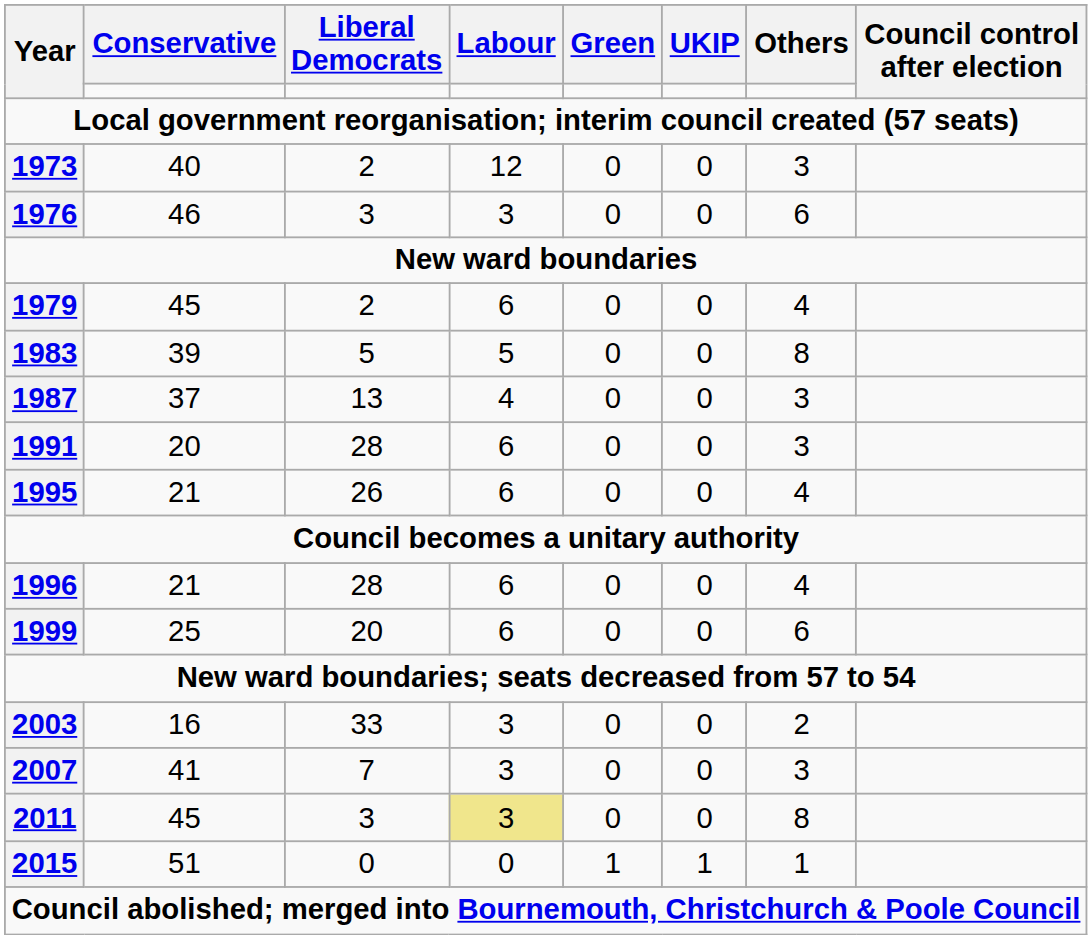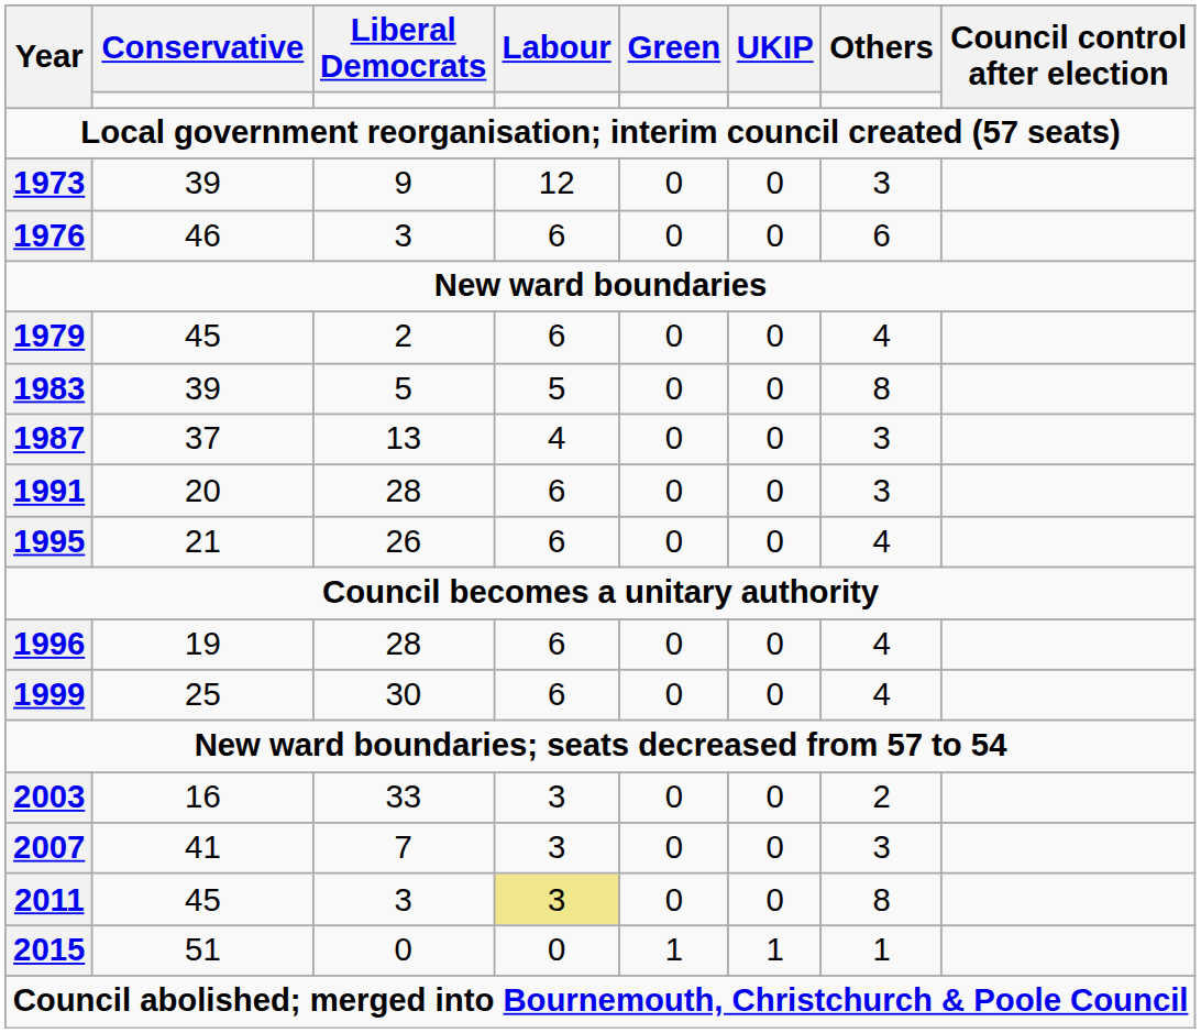 <table class="wikitable plainrowheaders" style="text-align:center">
 <tr>
 <th scope="col" rowspan="2">Year</th>
 <th scope="col"><a href='#'>Conservative</a></th>
 <th scope="col" style="width:1px"><a href='#'>Liberal Democrats</a></th>
 <th scope="col"><a href='#'>Labour</a></th>
 <th scope="col"><a href='#'>Green</a></th>
 <th scope="col"><a href='#'>UKIP</a></th>
 <th scope="col">Others</th>
 <th scope="col" rowspan="2" colspan="2">Council control<br>after election</th>
 </tr>
 <tr>
 <td style="background:"></td>
 <td style="background:"></td>
 <td style="background:"></td>
 <td style="background:"></td>
 <td style="background:"></td>
 <td style="background:"></td>
 </tr>
 <tr>
 <td colspan="9"><strong>Local government reorganisation; interim council created (57 seats)</strong></td>
 </tr>
 <tr>
 <th scope="row"><a href='#'>1973</a></th>
-<td>40</td>
-<td>2</td>
+<td>39</td>
+<td>9</td>
 <td>12</td>
 <td>0</td>
 <td>0</td>
 <td>3</td>
 <td></td>
 </tr>
 <tr>
 <th scope="row"><a href='#'>1976</a></th>
 <td>46</td>
 <td>3</td>
-<td>3</td>
+<td>6</td>
 <td>0</td>
 <td>0</td>
 <td>6</td>
 <td></td>
 </tr>
 <tr>
 <td colspan="9"><strong>New ward boundaries</strong></td>
 </tr>
 <tr>
 <th scope="row"><a href='#'>1979</a></th>
 <td>45</td>
 <td>2</td>
 <td>6</td>
 <td>0</td>
 <td>0</td>
 <td>4</td>
 <td></td>
 </tr>
 <tr>
 <th scope="row"><a href='#'>1983</a></th>
 <td>39</td>
 <td>5</td>
 <td>5</td>
 <td>0</td>
 <td>0</td>
 <td>8</td>
 <td></td>
 </tr>
 <tr>
 <th scope="row"><a href='#'>1987</a></th>
 <td>37</td>
 <td>13</td>
 <td>4</td>
 <td>0</td>
 <td>0</td>
 <td>3</td>
 <td></td>
 </tr>
 <tr>
 <th scope="row"><a href='#'>1991</a></th>
 <td>20</td>
 <td>28</td>
 <td>6</td>
 <td>0</td>
 <td>0</td>
 <td>3</td>
 <td></td>
 </tr>
 <tr>
 <th scope="row"><a href='#'>1995</a></th>
 <td>21</td>
 <td>26</td>
 <td>6</td>
 <td>0</td>
 <td>0</td>
 <td>4</td>
 <td></td>
 </tr>
 <tr>
 <td colspan="9"><strong>Council becomes a unitary authority</strong></td>
 </tr>
 <tr>
 <th scope="row"><a href='#'>1996</a></th>
-<td>21</td>
+<td>19</td>
 <td>28</td>
 <td>6</td>
 <td>0</td>
 <td>0</td>
 <td>4</td>
 <td></td>
 </tr>
 <tr>
 <th scope="row"><a href='#'>1999</a></th>
 <td>25</td>
-<td>20</td>
+<td>30</td>
 <td>6</td>
 <td>0</td>
 <td>0</td>
-<td>6</td>
+<td>4</td>
 <td></td>
 </tr>
 <tr>
 <td colspan="9"><strong>New ward boundaries; seats decreased from 57 to 54</strong></td>
 </tr>
 <tr>
 <th scope="row"><a href='#'>2003</a></th>
 <td>16</td>
 <td>33</td>
 <td>3</td>
 <td>0</td>
 <td>0</td>
 <td>2</td>
 <td></td>
 </tr>
 <tr>
 <th scope="row"><a href='#'>2007</a></th>
 <td>41</td>
 <td>7</td>
 <td>3</td>
 <td>0</td>
 <td>0</td>
 <td>3</td>
 <td></td>
 </tr>
 <tr>
 <th scope="row"><a href='#'>2011</a></th>
 <td>45</td>
 <td>3</td>
 <td style="background: khaki;">3</td>
 <td>0</td>
 <td>0</td>
 <td>8</td>
 <td></td>
 </tr>
 <tr>
 <th scope="row"><a href='#'>2015</a></th>
 <td>51</td>
 <td>0</td>
 <td>0</td>
 <td>1</td>
 <td>1</td>
 <td>1</td>
 <td></td>
 </tr>
 <tr>
 <td colspan="9"><strong>Council abolished; merged into <a href='#'>Bournemouth, Christchurch & Poole Council</a></strong></td>
 </tr>
 </table>
